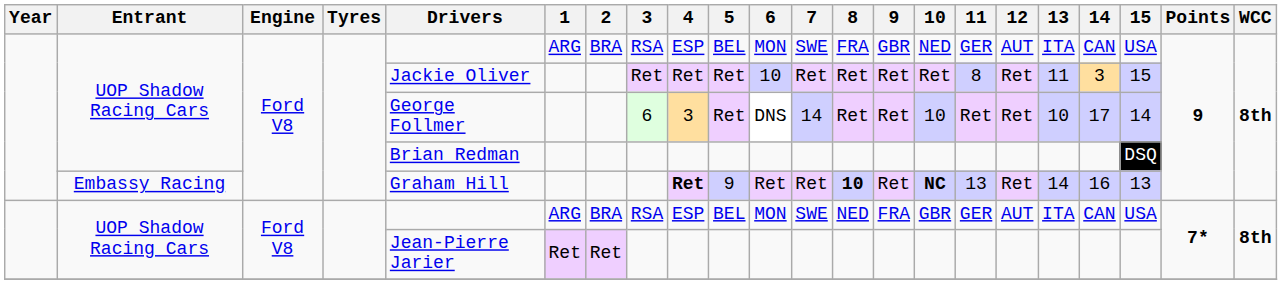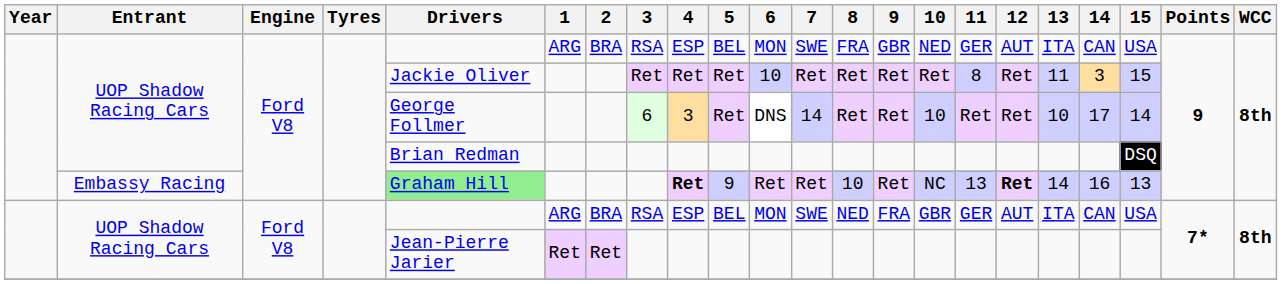 <table class="wikitable" style="text-align:center; font-size:95%">
 <tr>
 <th>Year</th>
 <th>Entrant</th>
 <th>Engine</th>
 <th>Tyres</th>
 <th>Drivers</th>
 <th>1</th>
 <th>2</th>
 <th>3</th>
 <th>4</th>
 <th>5</th>
 <th>6</th>
 <th>7</th>
 <th>8</th>
 <th>9</th>
 <th>10</th>
 <th>11</th>
 <th>12</th>
 <th>13</th>
 <th>14</th>
 <th>15</th>
 <th>Points</th>
 <th>WCC</th>
 </tr>
 <tr>
 <td rowspan="5"></td>
 <td rowspan="4"><a href='#'>UOP Shadow Racing Cars</a></td>
 <td rowspan="5"><a href='#'>Ford</a> <a href='#'>V8</a></td>
 <td rowspan="5"></td>
 <td></td>
 <td><a href='#'>ARG</a></td>
 <td><a href='#'>BRA</a></td>
 <td><a href='#'>RSA</a></td>
 <td><a href='#'>ESP</a></td>
 <td><a href='#'>BEL</a></td>
 <td><a href='#'>MON</a></td>
 <td><a href='#'>SWE</a></td>
 <td><a href='#'>FRA</a></td>
 <td><a href='#'>GBR</a></td>
 <td><a href='#'>NED</a></td>
 <td><a href='#'>GER</a></td>
 <td><a href='#'>AUT</a></td>
 <td><a href='#'>ITA</a></td>
 <td><a href='#'>CAN</a></td>
 <td><a href='#'>USA</a></td>
 <td rowspan="5"><strong>9</strong></td>
 <td rowspan="5"><strong>8th</strong></td>
 </tr>
 <tr>
 <td align="left"><a href='#'>Jackie Oliver</a></td>
 <td></td>
 <td></td>
 <td style="background:#EFCFFF;">Ret</td>
 <td style="background:#EFCFFF;">Ret</td>
 <td style="background:#EFCFFF;">Ret</td>
 <td style="background:#CFCFFF;">10</td>
 <td style="background:#EFCFFF;">Ret</td>
 <td style="background:#EFCFFF;">Ret</td>
 <td style="background:#EFCFFF;">Ret</td>
 <td style="background:#EFCFFF;">Ret</td>
 <td style="background:#CFCFFF;">8</td>
 <td style="background:#EFCFFF;">Ret</td>
 <td style="background:#CFCFFF;">11</td>
 <td style="background:#FFDF9F;">3</td>
 <td style="background:#CFCFFF;">15</td>
 </tr>
 <tr>
 <td align="left"><a href='#'>George Follmer</a></td>
 <td></td>
 <td></td>
 <td style="background:#DFFFDF;">6</td>
 <td style="background:#FFDF9F;">3</td>
 <td style="background:#EFCFFF;">Ret</td>
 <td style="background:#ffffff;">DNS</td>
 <td style="background:#CFCFFF;">14</td>
 <td style="background:#EFCFFF;">Ret</td>
 <td style="background:#EFCFFF;">Ret</td>
 <td style="background:#CFCFFF;">10</td>
 <td style="background:#EFCFFF;">Ret</td>
 <td style="background:#EFCFFF;">Ret</td>
 <td style="background:#CFCFFF;">10</td>
 <td style="background:#CFCFFF;">17</td>
 <td style="background:#CFCFFF;">14</td>
 </tr>
 <tr>
 <td align="left"><a href='#'>Brian Redman</a></td>
 <td></td>
 <td></td>
 <td></td>
 <td></td>
 <td></td>
 <td></td>
 <td></td>
 <td></td>
 <td></td>
 <td></td>
 <td></td>
 <td></td>
 <td></td>
 <td></td>
 <td style="background:#000000; color:white">DSQ</td>
 </tr>
 <tr>
 <td rowspan="1"><a href='#'>Embassy Racing</a></td>
-<td align="left"><a href='#'>Graham Hill</a></td>
+<td align="left" style="background: lightgreen;"><a href='#'>Graham Hill</a></td>
 <td></td>
 <td></td>
 <td></td>
 <td style="background:#EFCFFF;"><strong>Ret</strong></td>
 <td style="background:#CFCFFF;">9</td>
 <td style="background:#EFCFFF;">Ret</td>
 <td style="background:#EFCFFF;">Ret</td>
-<td style="background:#CFCFFF;"><strong>10</strong></td>
+<td style="background:#CFCFFF;">10</td>
 <td style="background:#EFCFFF;">Ret</td>
-<td style="background:#CFCFFF;"><strong>NC</strong></td>
+<td style="background:#CFCFFF;">NC</td>
 <td style="background:#CFCFFF;">13</td>
-<td style="background:#EFCFFF;">Ret</td>
+<td style="background:#EFCFFF;"><strong>Ret</strong></td>
 <td style="background:#CFCFFF;">14</td>
 <td style="background:#CFCFFF;">16</td>
 <td style="background:#CFCFFF;">13</td>
 </tr>
 <tr>
 <td rowspan="2"></td>
 <td rowspan="2"><a href='#'>UOP Shadow Racing Cars</a></td>
 <td rowspan="2"><a href='#'>Ford</a> <a href='#'>V8</a></td>
 <td rowspan="2"></td>
 <td></td>
 <td><a href='#'>ARG</a></td>
 <td><a href='#'>BRA</a></td>
 <td><a href='#'>RSA</a></td>
 <td><a href='#'>ESP</a></td>
 <td><a href='#'>BEL</a></td>
 <td><a href='#'>MON</a></td>
 <td><a href='#'>SWE</a></td>
 <td><a href='#'>NED</a></td>
 <td><a href='#'>FRA</a></td>
 <td><a href='#'>GBR</a></td>
 <td><a href='#'>GER</a></td>
 <td><a href='#'>AUT</a></td>
 <td><a href='#'>ITA</a></td>
 <td><a href='#'>CAN</a></td>
 <td><a href='#'>USA</a></td>
 <td rowspan="2"><strong>7*</strong></td>
 <td rowspan="2"><strong>8th</strong></td>
 </tr>
 <tr>
 <td align="left"><a href='#'>Jean-Pierre Jarier</a></td>
 <td style="background:#EFCFFF;">Ret</td>
 <td style="background:#EFCFFF;">Ret</td>
 <td></td>
 <td></td>
 <td></td>
 <td></td>
 <td></td>
 <td></td>
 <td></td>
 <td></td>
 <td></td>
 <td></td>
 <td></td>
 <td></td>
 <td></td>
 </tr>
 <tr>
 </tr>
 </table>
